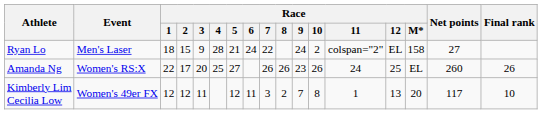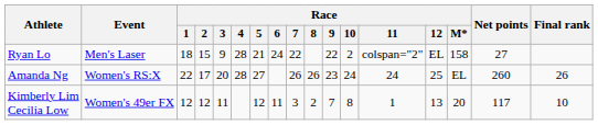 <table class="wikitable" style="font-size:90%">
 <tr>
 <th rowspan="2">Athlete</th>
 <th rowspan="2">Event</th>
 <th colspan=13>Race</th>
 <th rowspan=2>Net points</th>
 <th rowspan=2>Final rank</th>
 </tr>
 <tr style="font-size:95%">
 <th>1</th>
 <th>2</th>
 <th>3</th>
 <th>4</th>
 <th>5</th>
 <th>6</th>
 <th>7</th>
 <th>8</th>
 <th>9</th>
 <th>10</th>
 <th>11</th>
 <th>12</th>
 <th>M*</th>
 </tr>
 <tr style="text-align:center">
 <td style="text-align:left"><a href='#'>Ryan Lo</a></td>
 <td style="text-align:left"><a href='#'>Men's Laser</a></td>
 <td>18</td>
 <td>15</td>
 <td>9</td>
 <td>28</td>
 <td>21</td>
 <td>24</td>
 <td>22</td>
 <td></td>
-<td>24</td>
+<td>22</td>
 <td>2</td>
 <td>colspan="2" </td>
 <td>EL</td>
 <td>158</td>
 <td>27</td>
 </tr>
 <tr style="text-align:center">
 <td style="text-align:left"><a href='#'>Amanda Ng</a></td>
 <td style="text-align:left"><a href='#'>Women's RS:X</a></td>
 <td>22</td>
 <td>17</td>
 <td>20</td>
-<td>25</td>
+<td>28</td>
 <td>27</td>
 <td></td>
 <td>26</td>
 <td>26</td>
 <td>23</td>
-<td>26</td>
+<td>24</td>
 <td>24</td>
 <td>25</td>
 <td>EL</td>
 <td>260</td>
 <td>26</td>
 </tr>
 <tr style="text-align:center">
 <td style="text-align:left"><a href='#'>Kimberly Lim</a><br><a href='#'>Cecilia Low</a></td>
 <td style="text-align:left"><a href='#'>Women's 49er FX</a></td>
 <td>12</td>
 <td>12</td>
 <td>11</td>
 <td></td>
 <td>12</td>
 <td>11</td>
 <td>3</td>
 <td>2</td>
 <td>7</td>
 <td>8</td>
 <td>1</td>
 <td>13</td>
 <td>20</td>
 <td>117</td>
 <td>10</td>
 </tr>
 </table>
